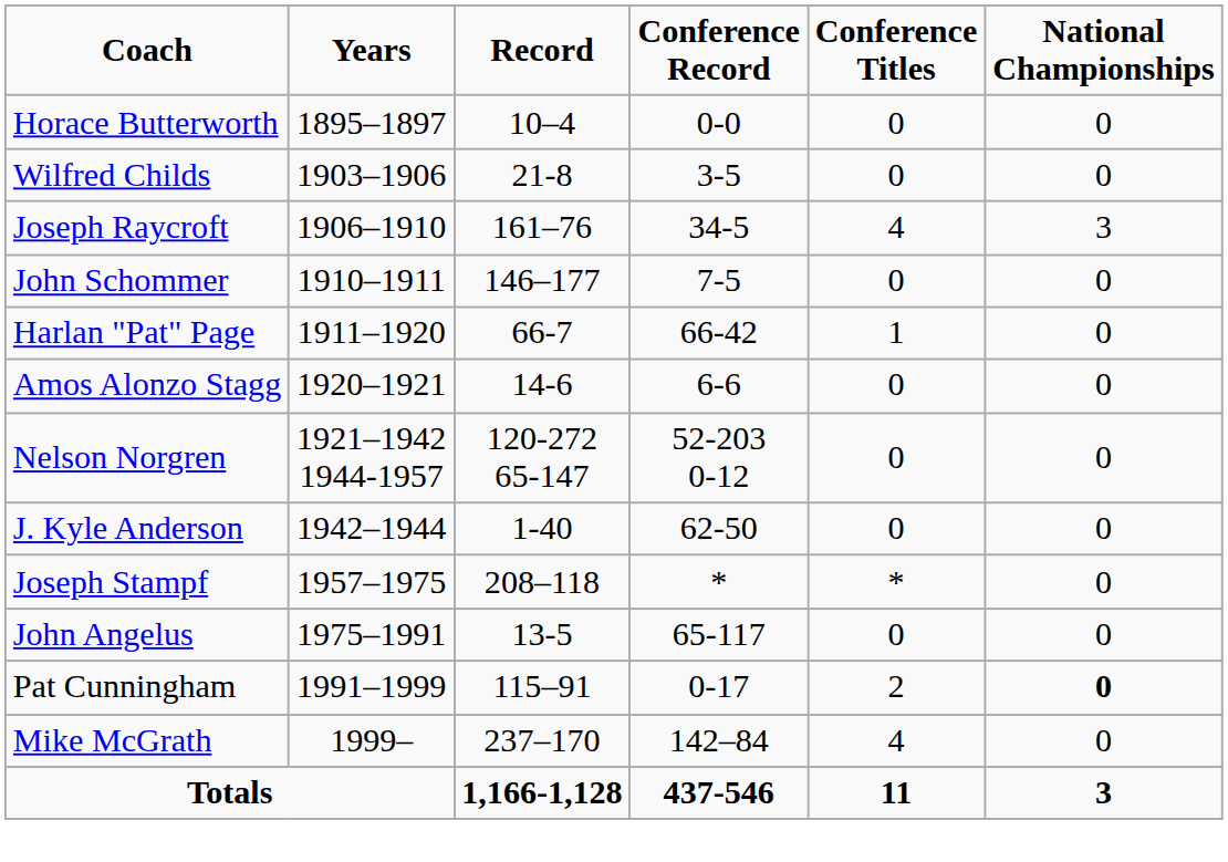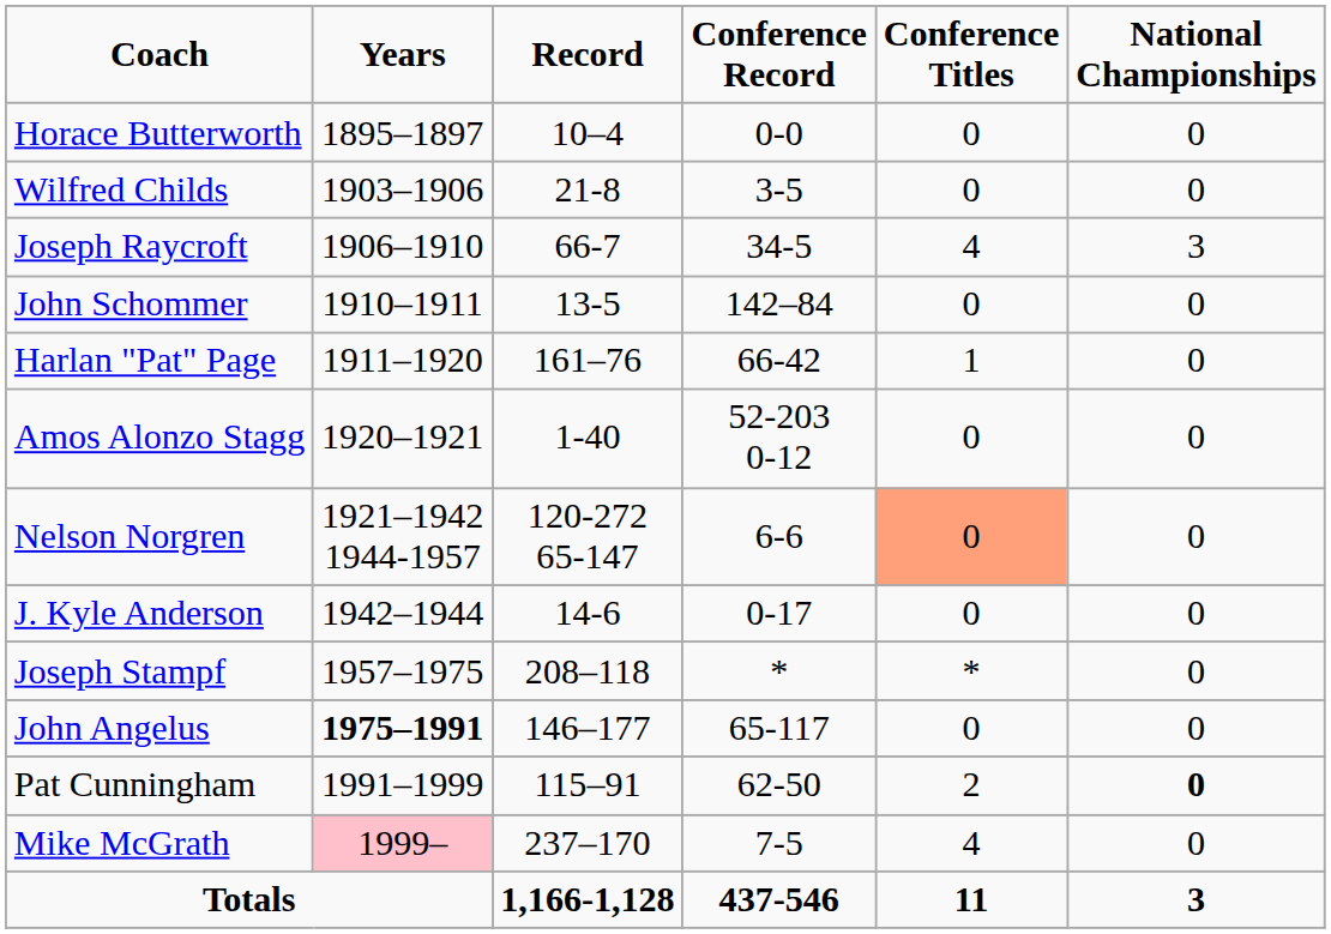 <table class="wikitable" style="text-align:center">
 <tr>
 <td><strong>Coach</strong></td>
 <td><strong>Years</strong></td>
 <td><strong>Record</strong></td>
 <td><strong>Conference<br>Record</strong></td>
 <td><strong>Conference<br>Titles</strong></td>
 <td><strong>National<br>Championships</strong></td>
 </tr>
 <tr>
 <td style="text-align:left"><a href='#'>Horace Butterworth</a></td>
 <td>1895–1897</td>
 <td>10–4</td>
 <td>0-0</td>
 <td>0</td>
 <td>0</td>
 </tr>
 <tr>
 <td style="text-align:left"><a href='#'>Wilfred Childs</a></td>
 <td>1903–1906</td>
 <td>21-8</td>
 <td>3-5</td>
 <td>0</td>
 <td>0</td>
 </tr>
 <tr>
 <td style="text-align:left"><a href='#'>Joseph Raycroft</a></td>
 <td>1906–1910</td>
-<td>161–76</td>
+<td>66-7</td>
 <td>34-5</td>
 <td>4</td>
 <td>3</td>
 </tr>
 <tr>
 <td style="text-align:left"><a href='#'>John Schommer</a></td>
 <td>1910–1911</td>
-<td>146–177</td>
-<td>7-5</td>
+<td>13-5</td>
+<td>142–84</td>
 <td>0</td>
 <td>0</td>
 </tr>
 <tr>
 <td style="text-align:left"><a href='#'>Harlan "Pat" Page</a></td>
 <td>1911–1920</td>
-<td>66-7</td>
+<td>161–76</td>
 <td>66-42</td>
 <td>1</td>
 <td>0</td>
 </tr>
 <tr>
 <td style="text-align:left"><a href='#'>Amos Alonzo Stagg</a></td>
 <td>1920–1921</td>
-<td>14-6</td>
-<td>6-6</td>
+<td>1-40</td>
+<td>52-203<br>0-12</td>
 <td>0</td>
 <td>0</td>
 </tr>
 <tr>
 <td style="text-align:left"><a href='#'>Nelson Norgren</a></td>
 <td>1921–1942<br>1944-1957</td>
 <td>120-272<br>65-147</td>
-<td>52-203<br>0-12</td>
-<td>0</td>
+<td>6-6</td>
+<td style="background: lightsalmon;">0</td>
 <td>0</td>
 </tr>
 <tr>
 <td style="text-align:left"><a href='#'>J. Kyle Anderson</a></td>
 <td>1942–1944</td>
-<td>1-40</td>
-<td>62-50</td>
+<td>14-6</td>
+<td>0-17</td>
 <td>0</td>
 <td>0</td>
 </tr>
 <tr>
 <td style="text-align:left"><a href='#'>Joseph Stampf</a></td>
 <td>1957–1975</td>
 <td>208–118</td>
 <td>*</td>
 <td>*</td>
 <td>0</td>
 </tr>
 <tr>
 <td style="text-align:left"><a href='#'>John Angelus</a></td>
-<td>1975–1991</td>
-<td>13-5</td>
+<td><strong>1975–1991</strong></td>
+<td>146–177</td>
 <td>65-117</td>
 <td>0</td>
 <td>0</td>
 </tr>
 <tr>
 <td style="text-align:left">Pat Cunningham</td>
 <td>1991–1999</td>
 <td>115–91</td>
-<td>0-17</td>
+<td>62-50</td>
 <td>2</td>
 <td><strong>0</strong></td>
 </tr>
 <tr>
 <td style="text-align:left"><a href='#'>Mike McGrath</a></td>
-<td>1999–</td>
+<td style="background: pink;">1999–</td>
 <td>237–170</td>
-<td>142–84</td>
+<td>7-5</td>
 <td>4</td>
 <td>0</td>
 </tr>
 <tr>
 <td colspan="2"><strong>Totals</strong></td>
 <td><strong>1,166-1,128</strong></td>
 <td><strong>437-546</strong></td>
 <td><strong>11</strong></td>
 <td><strong>3</strong></td>
 </tr>
 </table>
